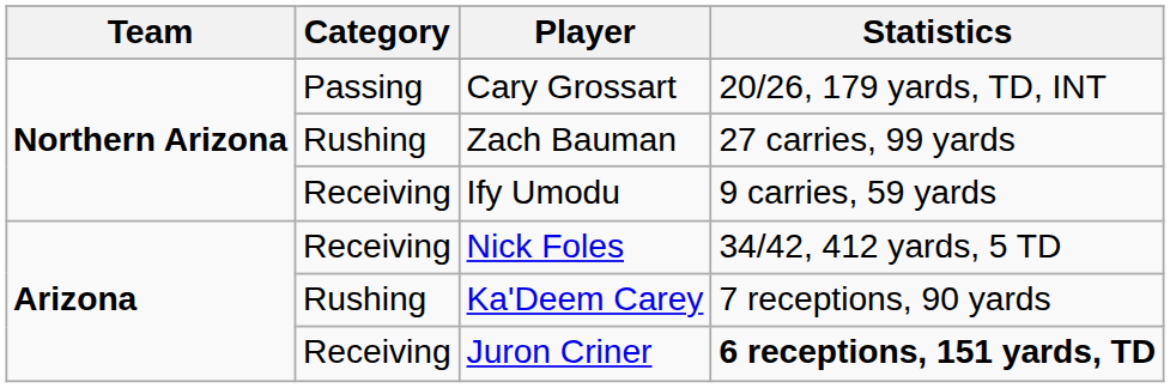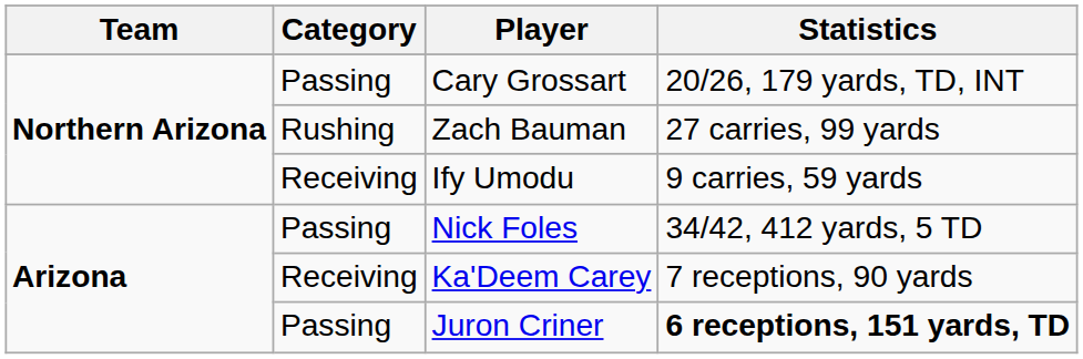 <table class="wikitable" style="float: right;">
 <tr>
 <th>Team</th>
 <th>Category</th>
 <th>Player</th>
 <th>Statistics</th>
 </tr>
 <tr>
 <td rowspan=3><strong>Northern Arizona</strong></td>
 <td>Passing</td>
 <td>Cary Grossart</td>
 <td>20/26, 179 yards, TD, INT</td>
 </tr>
 <tr>
 <td>Rushing</td>
 <td>Zach Bauman</td>
 <td>27 carries, 99 yards</td>
 </tr>
 <tr>
 <td>Receiving</td>
 <td>Ify Umodu</td>
 <td>9 carries, 59 yards</td>
 </tr>
 <tr>
 <td rowspan=3><strong>Arizona</strong></td>
-<td>Receiving</td>
+<td>Passing</td>
 <td><a href='#'>Nick Foles</a></td>
 <td>34/42, 412 yards, 5 TD</td>
 </tr>
 <tr>
-<td>Rushing</td>
+<td>Receiving</td>
 <td><a href='#'>Ka'Deem Carey</a></td>
 <td>7 receptions, 90 yards</td>
 </tr>
 <tr>
-<td>Receiving</td>
+<td>Passing</td>
 <td><a href='#'>Juron Criner</a></td>
 <td><strong>6 receptions, 151 yards, TD</strong></td>
 </tr>
 </table>
